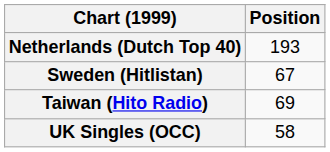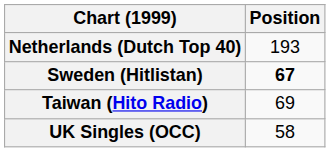 <table class="wikitable sortable plainrowheaders" style="text-align:center">
 <tr>
 <th>Chart (1999)</th>
 <th>Position</th>
 </tr>
 <tr>
 <th scope="row">Netherlands (Dutch Top 40)</th>
 <td>193</td>
 </tr>
 <tr>
 <th scope="row">Sweden (Hitlistan)</th>
-<td>67</td>
+<td><strong>67</strong></td>
 </tr>
 <tr>
 <th scope="row">Taiwan (<a href='#'>Hito Radio</a>)</th>
 <td style="text-align:center;">69</td>
 </tr>
 <tr>
 <th scope="row">UK Singles (OCC)</th>
 <td>58</td>
 </tr>
 </table>
